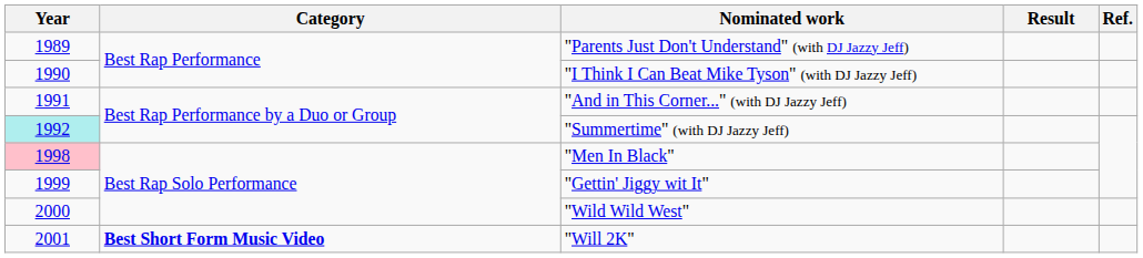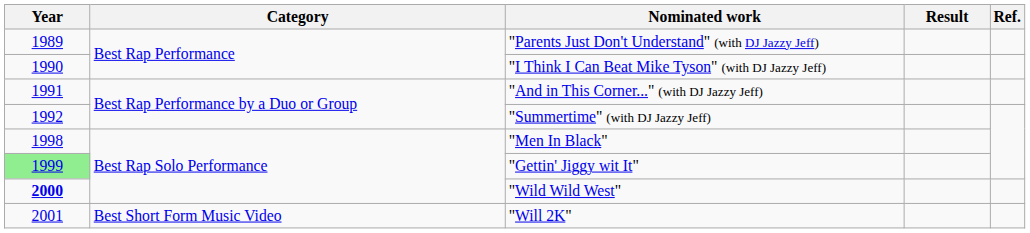 <table class=wikitable>
 <tr>
 <th scope="col" style="width:5em;">Year</th>
 <th scope="col" style="width:26em;">Category</th>
 <th scope="col" style="width:25em;">Nominated work</th>
 <th scope="col" style="width:5em;">Result</th>
 <th>Ref.</th>
 </tr>
 <tr>
 <td style="text-align:center;"><a href='#'>1989</a></td>
 <td rowspan=2><a href='#'>Best Rap Performance</a></td>
 <td>"<a href='#'>Parents Just Don't Understand</a>" <small>(with <a href='#'>DJ Jazzy Jeff</a>)</small></td>
 <td></td>
 <td></td>
 </tr>
 <tr>
 <td style="text-align:center;"><a href='#'>1990</a></td>
 <td>"<a href='#'>I Think I Can Beat Mike Tyson</a>" <small>(with DJ Jazzy Jeff)</small></td>
 <td></td>
 <td></td>
 </tr>
 <tr>
 <td style="text-align:center;"><a href='#'>1991</a></td>
 <td rowspan=2><a href='#'>Best Rap Performance by a Duo or Group</a></td>
 <td>"<a href='#'>And in This Corner...</a>" <small>(with DJ Jazzy Jeff)</small></td>
 <td></td>
 <td></td>
 </tr>
 <tr>
-<td style="background: paleturquoise; text-align:center;"><a href='#'>1992</a></td>
+<td style="text-align:center;"><a href='#'>1992</a></td>
 <td>"<a href='#'>Summertime</a>" <small>(with DJ Jazzy Jeff)</small></td>
 <td></td>
 <td rowspan=3></td>
 </tr>
 <tr>
-<td style="background: pink; text-align:center;"><a href='#'>1998</a></td>
+<td style="text-align:center;"><a href='#'>1998</a></td>
 <td rowspan=3><a href='#'>Best Rap Solo Performance</a></td>
 <td>"<a href='#'>Men In Black</a>"</td>
 <td></td>
 </tr>
 <tr>
-<td style="text-align:center;"><a href='#'>1999</a></td>
+<td style="background: lightgreen; text-align:center;"><a href='#'>1999</a></td>
 <td>"<a href='#'>Gettin' Jiggy wit It</a>"</td>
 <td></td>
 </tr>
 <tr>
-<td style="text-align:center;"><a href='#'>2000</a></td>
+<td style="text-align:center;"><strong><a href='#'>2000</a></strong></td>
 <td>"<a href='#'>Wild Wild West</a>"</td>
 <td></td>
 <td></td>
 </tr>
 <tr>
 <td style="text-align:center;"><a href='#'>2001</a></td>
-<td><strong><a href='#'>Best Short Form Music Video</a></strong></td>
+<td><a href='#'>Best Short Form Music Video</a></td>
 <td>"<a href='#'>Will 2K</a>"</td>
 <td></td>
 <td></td>
 </tr>
 </table>
